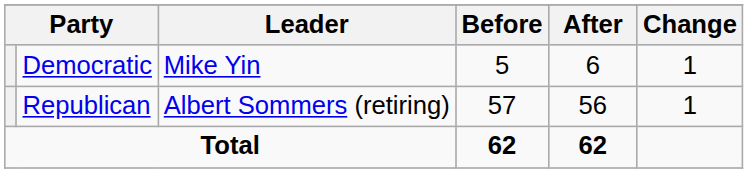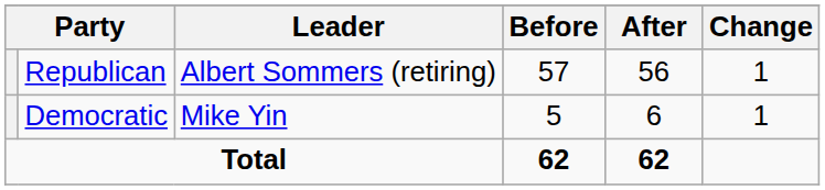 <table class="wikitable" style="text-align:center;">
 <tr>
 </tr>
 <tr>
 <th colspan="2">Party</th>
 <th>Leader</th>
 <th style="width:3em">Before</th>
 <th style="width:3em">After</th>
 <th style="width:3em">Change</th>
 </tr>
 <tr>
 <th style="background-color:"></th>
+<td style="text-align:left;"><a href='#'>Republican</a></td>
+<td style="text-align:left;"><a href='#'>Albert Sommers</a> (retiring)</td>
+<td>57</td>
+<td>56</td>
+<td> 1</td>
+</tr>
+<tr>
+<th style="background-color:"></th>
 <td style="text-align:left;"><a href='#'>Democratic</a></td>
 <td style="text-align:left;"><a href='#'>Mike Yin</a></td>
 <td>5</td>
 <td>6</td>
-<td> 1</td>
-</tr>
-<tr>
-<th style="background-color:"></th>
-<td style="text-align:left;"><a href='#'>Republican</a></td>
-<td style="text-align:left;"><a href='#'>Albert Sommers</a> (retiring)</td>
-<td>57</td>
-<td>56</td>
 <td> 1</td>
 </tr>
 <tr>
 <td colspan="3"><strong>Total</strong></td>
 <td><strong>62</strong></td>
 <td><strong>62</strong></td>
 <td></td>
 </tr>
 </table>
